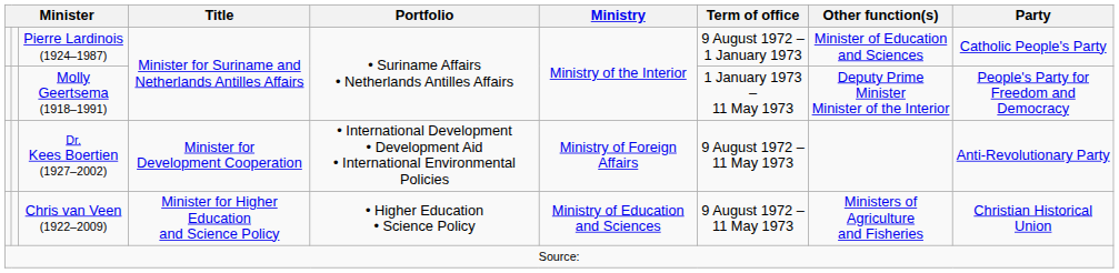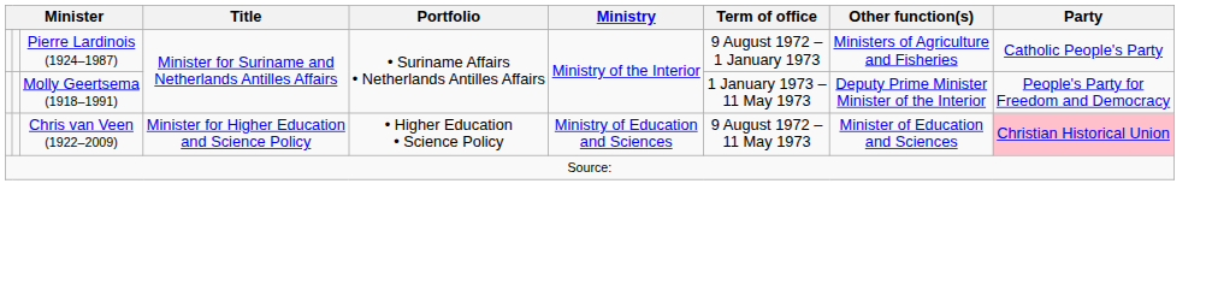 <table class="wikitable" style="text-align:center">
 <tr>
 <th colspan=3>Minister</th>
 <th>Title</th>
 <th>Portfolio</th>
 <th><a href='#'>Ministry</a></th>
 <th>Term of office</th>
 <th>Other function(s)</th>
 <th>Party</th>
 </tr>
 <tr>
 <td style="background:"></td>
 <td></td>
 <td><a href='#'>Pierre Lardinois</a> <br> <small>(1924–1987)</small></td>
 <td rowspan=2><a href='#'>Minister for Suriname and <br> Netherlands Antilles Affairs</a></td>
 <td rowspan=2>• Suriname Affairs <br> • Netherlands Antilles Affairs</td>
 <td rowspan=2><a href='#'>Ministry of the Interior</a></td>
 <td>9 August 1972 – <br> 1 January 1973 <br> </td>
-<td><a href='#'>Minister of Education <br> and Sciences</a></td>
+<td><a href='#'>Ministers of Agriculture <br> and Fisheries</a></td>
 <td><a href='#'>Catholic People's Party</a></td>
 </tr>
 <tr>
 <td style="background:"></td>
 <td></td>
 <td><a href='#'>Molly Geertsema</a> <br> <small>(1918–1991)</small></td>
 <td>1 January 1973 – <br> 11 May 1973</td>
 <td><a href='#'>Deputy Prime Minister</a> <br> <a href='#'>Minister of the Interior</a></td>
 <td><a href='#'>People's Party for <br> Freedom and Democracy</a></td>
 </tr>
 <tr>
 <td style="background:"></td>
 <td></td>
-<td><small><a href='#'>Dr.</a></small> <br> <a href='#'>Kees Boertien</a> <br> <small>(1927–2002)</small></td>
-<td><a href='#'>Minister for <br> Development Cooperation</a></td>
-<td>• International Development <br> • Development Aid <br> • International Environmental Policies</td>
-<td><a href='#'>Ministry of Foreign Affairs</a></td>
-<td>9 August 1972 – <br> 11 May 1973</td>
-<td></td>
-<td><a href='#'>Anti-Revolutionary Party</a></td>
-</tr>
-<tr>
-<td style="background:"></td>
-<td></td>
 <td><a href='#'>Chris van Veen</a> <br> <small>(1922–2009)</small></td>
 <td><a href='#'>Minister for Higher Education <br> and Science Policy</a></td>
 <td>• Higher Education <br> • Science Policy</td>
 <td><a href='#'>Ministry of Education <br> and Sciences</a></td>
 <td>9 August 1972 – <br> 11 May 1973</td>
-<td><a href='#'>Ministers of Agriculture <br> and Fisheries</a></td>
-<td><a href='#'>Christian Historical Union</a></td>
+<td><a href='#'>Minister of Education <br> and Sciences</a></td>
+<td style="background: pink;"><a href='#'>Christian Historical Union</a></td>
 </tr>
 <tr>
 <td colspan=9><small>Source:</small></td>
 </tr>
 </table>
